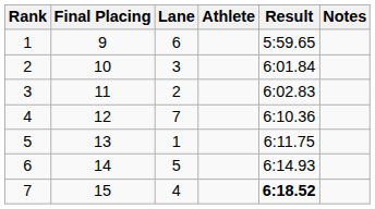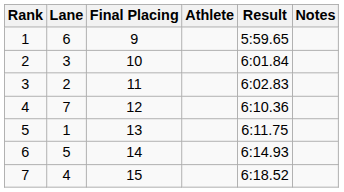 <table class="wikitable sortable" style="text-align:center">
 <tr>
 <th>Rank</th>
+<th>Lane</th>
 <th>Final Placing</th>
-<th>Lane</th>
 <th>Athlete</th>
 <th>Result</th>
 <th>Notes</th>
 </tr>
 <tr>
 <td>1</td>
+<td>6</td>
 <td>9</td>
-<td>6</td>
 <td align=left></td>
 <td>5:59.65</td>
 <td></td>
 </tr>
 <tr>
 <td>2</td>
+<td>3</td>
 <td>10</td>
-<td>3</td>
 <td align=left></td>
 <td>6:01.84</td>
 <td></td>
 </tr>
 <tr>
 <td>3</td>
+<td>2</td>
 <td>11</td>
-<td>2</td>
 <td align=left></td>
 <td>6:02.83</td>
 <td></td>
 </tr>
 <tr>
 <td>4</td>
+<td>7</td>
 <td>12</td>
-<td>7</td>
 <td align=left></td>
 <td>6:10.36</td>
 <td></td>
 </tr>
 <tr>
 <td>5</td>
+<td>1</td>
 <td>13</td>
-<td>1</td>
 <td align=left></td>
 <td>6:11.75</td>
 <td></td>
 </tr>
 <tr>
 <td>6</td>
+<td>5</td>
 <td>14</td>
-<td>5</td>
 <td align=left></td>
 <td>6:14.93</td>
 <td></td>
 </tr>
 <tr>
 <td>7</td>
+<td>4</td>
 <td>15</td>
-<td>4</td>
 <td align=left></td>
-<td><strong>6:18.52</strong></td>
+<td>6:18.52</td>
 <td></td>
 </tr>
 </table>
